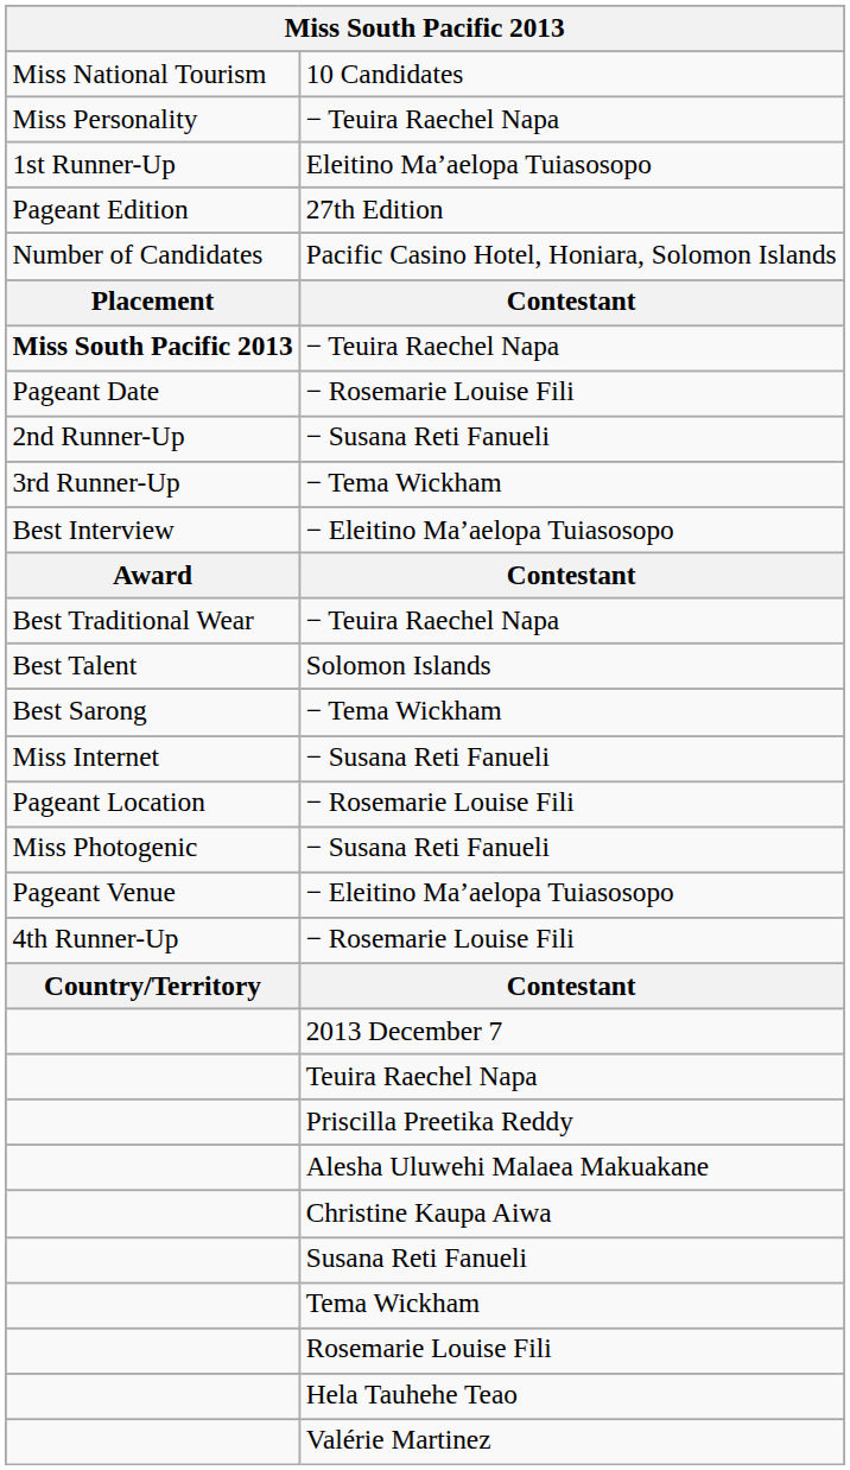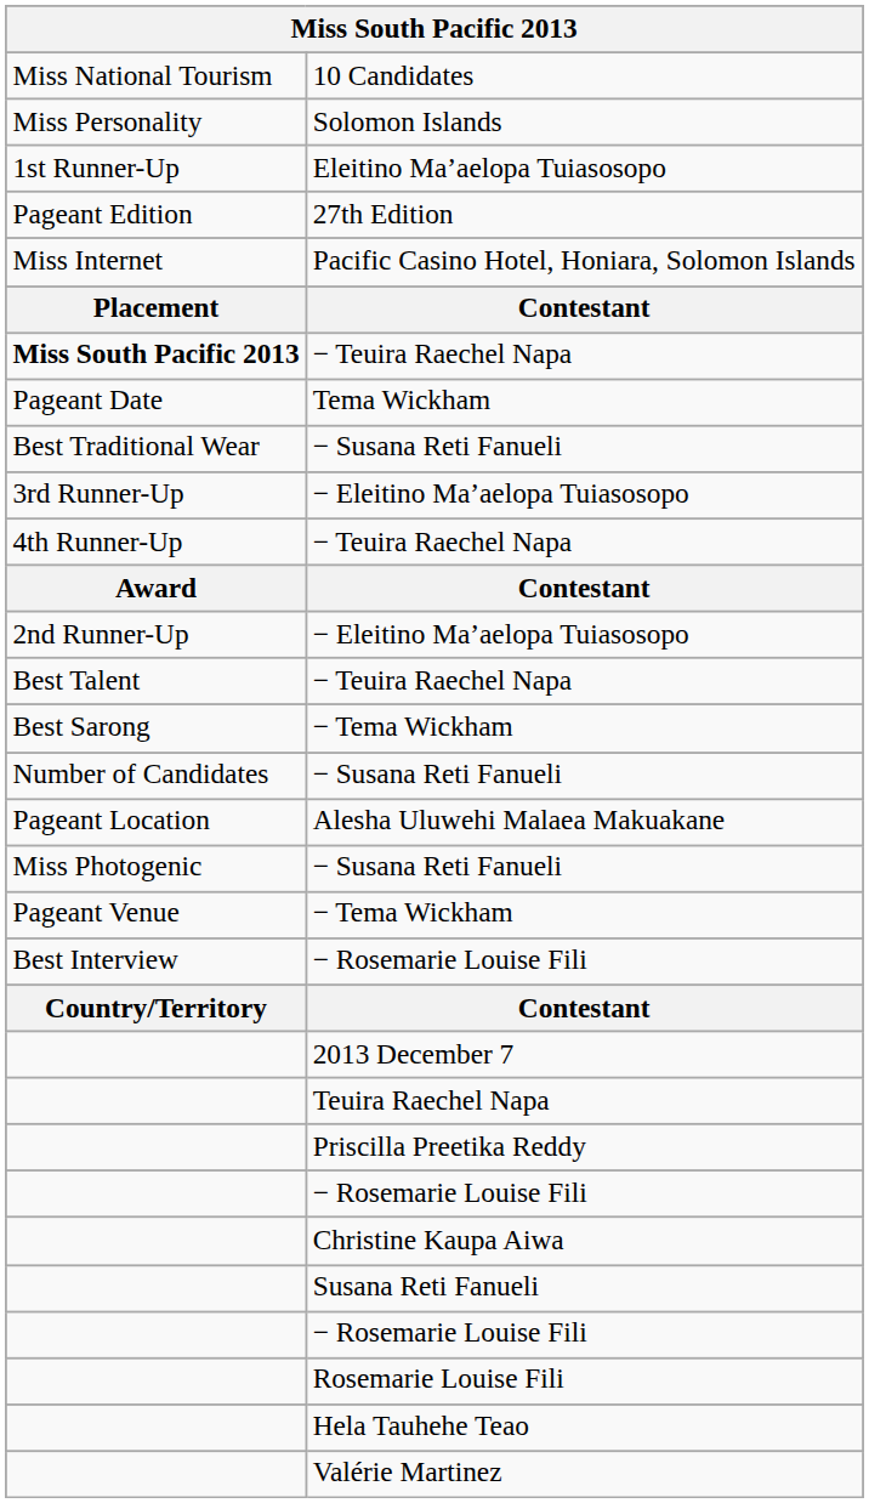 <table class="wikitable sortable" style="font-size: 80%;">
 <tr>
 <th colspan="2"><strong>Miss South Pacific 2013</strong></th>
 </tr>
 <tr>
 <td>Miss National Tourism</td>
 <td>10 Candidates</td>
 </tr>
 <tr>
 <td>Miss Personality</td>
-<td> − Teuira Raechel Napa</td>
+<td>Solomon Islands</td>
 </tr>
 <tr>
 <td>1st Runner-Up</td>
 <td>Eleitino Ma’aelopa Tuiasosopo</td>
 </tr>
 <tr>
 <td>Pageant Edition</td>
 <td>27th Edition</td>
 </tr>
 <tr>
-<td>Number of Candidates</td>
+<td>Miss Internet</td>
 <td>Pacific Casino Hotel, Honiara, Solomon Islands</td>
 </tr>
 <tr>
 <th>Placement</th>
 <th>Contestant</th>
 </tr>
 <tr>
 <td><strong>Miss South Pacific 2013</strong></td>
 <td> − Teuira Raechel Napa</td>
 </tr>
 <tr>
 <td>Pageant Date</td>
-<td> − Rosemarie Louise Fili</td>
+<td>Tema Wickham</td>
 </tr>
 <tr>
-<td>2nd Runner-Up</td>
+<td>Best Traditional Wear</td>
 <td> − Susana Reti Fanueli</td>
 </tr>
 <tr>
 <td>3rd Runner-Up</td>
-<td> − Tema Wickham</td>
+<td> − Eleitino Ma’aelopa Tuiasosopo</td>
 </tr>
 <tr>
-<td>Best Interview</td>
-<td> − Eleitino Ma’aelopa Tuiasosopo</td>
+<td>4th Runner-Up</td>
+<td> − Teuira Raechel Napa</td>
 </tr>
 <tr>
 <th>Award</th>
 <th>Contestant</th>
 </tr>
 <tr>
-<td>Best Traditional Wear</td>
-<td> − Teuira Raechel Napa</td>
+<td>2nd Runner-Up</td>
+<td> − Eleitino Ma’aelopa Tuiasosopo</td>
 </tr>
 <tr>
 <td>Best Talent</td>
-<td>Solomon Islands</td>
+<td> − Teuira Raechel Napa</td>
 </tr>
 <tr>
 <td>Best Sarong</td>
 <td> − Tema Wickham</td>
 </tr>
 <tr>
-<td>Miss Internet</td>
+<td>Number of Candidates</td>
 <td> − Susana Reti Fanueli</td>
 </tr>
 <tr>
 <td>Pageant Location</td>
-<td> − Rosemarie Louise Fili</td>
+<td>Alesha Uluwehi Malaea Makuakane</td>
 </tr>
 <tr>
 <td>Miss Photogenic</td>
 <td> − Susana Reti Fanueli</td>
 </tr>
 <tr>
 <td>Pageant Venue</td>
-<td> − Eleitino Ma’aelopa Tuiasosopo</td>
+<td> − Tema Wickham</td>
 </tr>
 <tr>
-<td>4th Runner-Up</td>
+<td>Best Interview</td>
 <td> − Rosemarie Louise Fili</td>
 </tr>
 <tr>
 <th><strong>Country/Territory</strong></th>
 <th>Contestant</th>
 </tr>
 <tr>
 <td></td>
 <td>2013 December 7</td>
 </tr>
 <tr>
 <td></td>
 <td>Teuira Raechel Napa</td>
 </tr>
 <tr>
 <td></td>
 <td>Priscilla Preetika Reddy</td>
 </tr>
 <tr>
 <td></td>
-<td>Alesha Uluwehi Malaea Makuakane</td>
+<td> − Rosemarie Louise Fili</td>
 </tr>
 <tr>
 <td></td>
 <td>Christine Kaupa Aiwa</td>
 </tr>
 <tr>
 <td></td>
 <td>Susana Reti Fanueli</td>
 </tr>
 <tr>
 <td></td>
-<td>Tema Wickham</td>
+<td> − Rosemarie Louise Fili</td>
 </tr>
 <tr>
 <td></td>
 <td>Rosemarie Louise Fili</td>
 </tr>
 <tr>
 <td></td>
 <td>Hela Tauhehe Teao</td>
 </tr>
 <tr>
 <td></td>
 <td>Valérie Martinez</td>
 </tr>
 </table>
